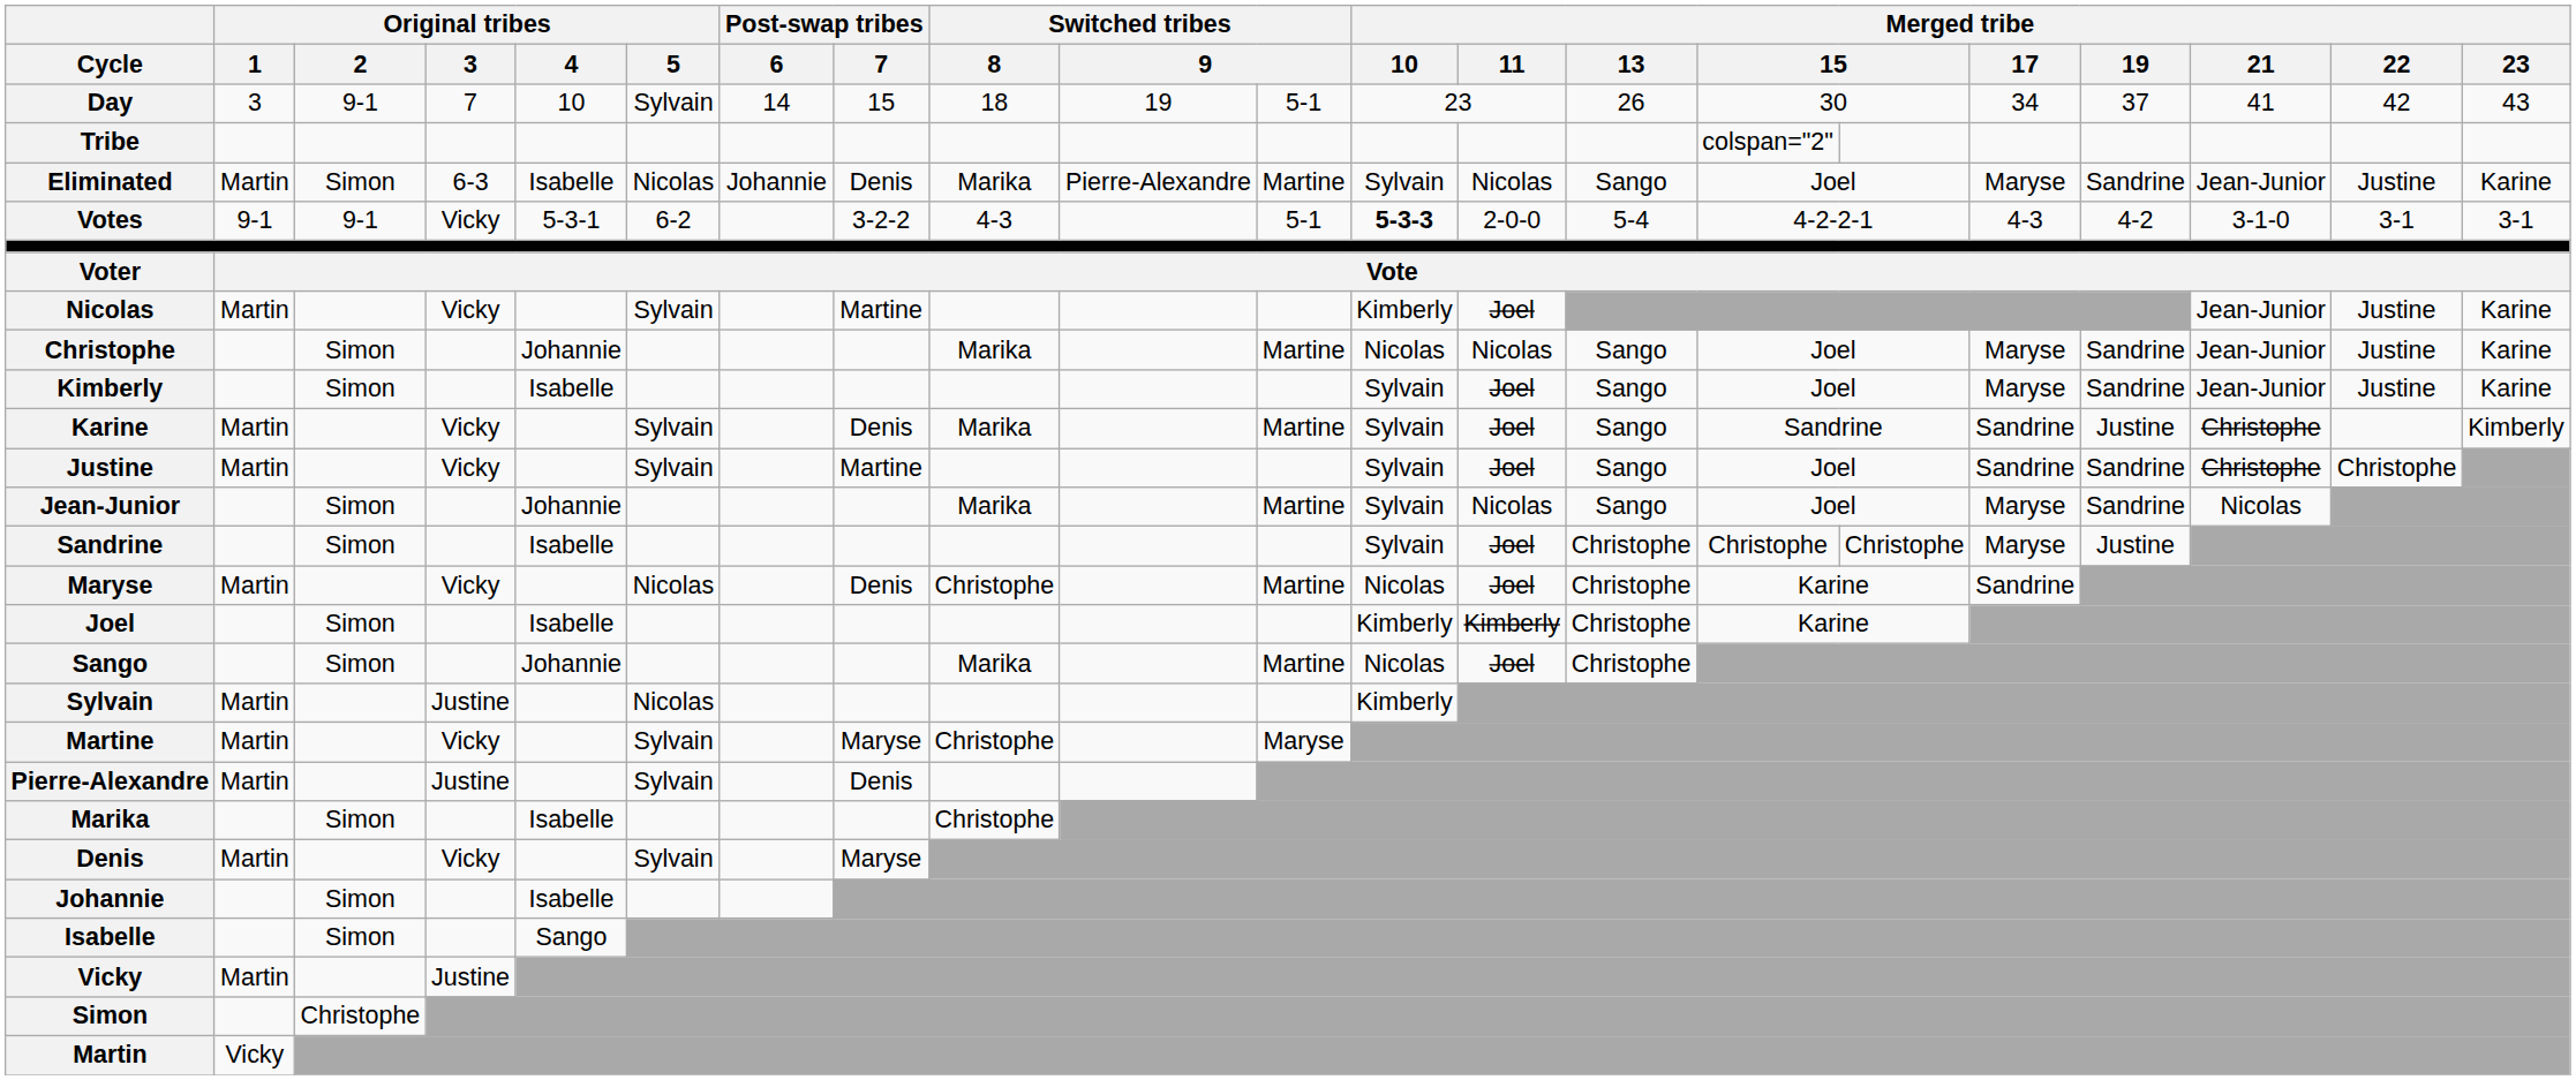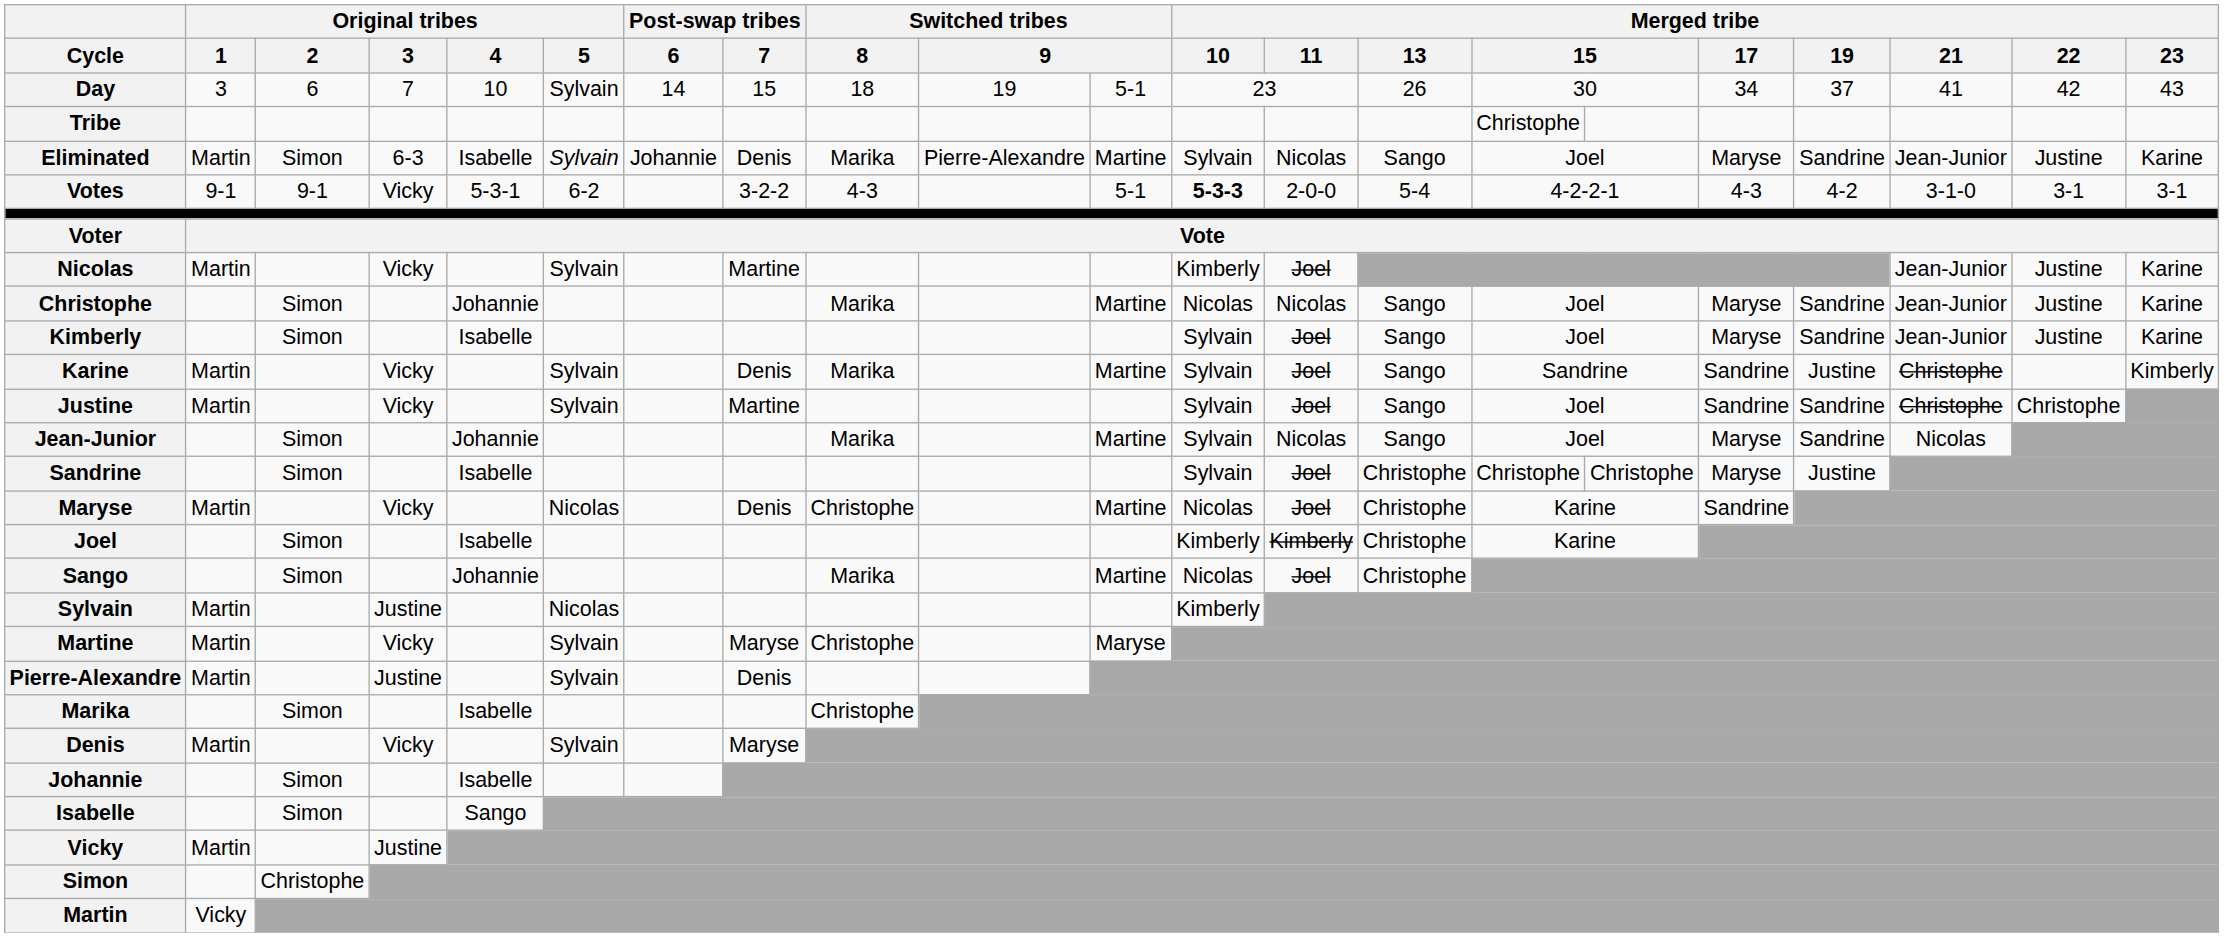 <table class="wikitable" style="text-align:center;">
 <tr>
 <th></th>
 <th colspan="5">Original tribes</th>
 <th colspan="2">Post-swap tribes</th>
 <th colspan="3">Switched tribes</th>
 <th colspan="10">Merged tribe</th>
 </tr>
 <tr>
 <th>Cycle</th>
 <th>1</th>
 <th>2</th>
 <th>3</th>
 <th>4</th>
 <th>5</th>
 <th>6</th>
 <th>7</th>
 <th>8</th>
 <th colspan="2">9</th>
 <th>10</th>
 <th>11</th>
 <th>13</th>
 <th colspan="2">15</th>
 <th>17</th>
 <th>19</th>
 <th>21</th>
 <th>22</th>
 <th>23</th>
 </tr>
 <tr>
 <th>Day</th>
 <td>3</td>
-<td>9-1</td>
+<td>6</td>
 <td>7</td>
 <td>10</td>
 <td>Sylvain</td>
 <td>14</td>
 <td>15</td>
 <td>18</td>
 <td>19</td>
 <td>5-1</td>
 <td colspan="2">23</td>
 <td>26</td>
 <td colspan="2">30</td>
 <td>34</td>
 <td>37</td>
 <td>41</td>
 <td>42</td>
 <td>43</td>
 </tr>
 <tr>
 <th>Tribe</th>
 <td></td>
 <td></td>
 <td></td>
 <td></td>
 <td></td>
 <td></td>
 <td></td>
 <td></td>
 <td></td>
 <td></td>
 <td></td>
 <td></td>
 <td></td>
-<td>colspan="2" </td>
+<td>Christophe</td>
 <td></td>
 <td></td>
 <td></td>
 <td></td>
 <td></td>
 </tr>
 <tr style="line-height:normal;">
 <th>Eliminated</th>
 <td>Martin</td>
 <td>Simon</td>
 <td>6-3</td>
 <td>Isabelle</td>
-<td>Nicolas</td>
+<td><em>Sylvain</em></td>
 <td>Johannie</td>
 <td>Denis</td>
 <td>Marika</td>
 <td>Pierre-Alexandre</td>
 <td>Martine</td>
 <td>Sylvain</td>
 <td>Nicolas</td>
 <td>Sango</td>
 <td colspan="2">Joel</td>
 <td>Maryse</td>
 <td>Sandrine</td>
 <td>Jean-Junior</td>
 <td>Justine</td>
 <td>Karine</td>
 </tr>
 <tr>
 <th>Votes</th>
 <td>9-1</td>
 <td>9-1</td>
 <td>Vicky</td>
 <td>5-3-1</td>
 <td>6-2</td>
 <td></td>
 <td>3-2-2</td>
 <td>4-3</td>
 <td></td>
 <td>5-1</td>
 <td><strong>5-3-3</strong></td>
 <td>2-0-0</td>
 <td>5-4</td>
 <td colspan="2">4-2-2-1</td>
 <td>4-3</td>
 <td>4-2</td>
 <td>3-1-0</td>
 <td>3-1</td>
 <td>3-1</td>
 </tr>
 <tr>
 <td colspan="100%" style="background:black;"></td>
 </tr>
 <tr>
 <th align="left">Voter</th>
 <th colspan="100%">Vote</th>
 </tr>
 <tr style="line-height:normal;">
 <th scope="row">Nicolas</th>
 <td>Martin</td>
 <td></td>
 <td>Vicky</td>
 <td></td>
 <td>Sylvain</td>
 <td></td>
 <td>Martine</td>
 <td></td>
 <td></td>
 <td></td>
 <td>Kimberly</td>
 <td><s>Joel</s></td>
 <td colspan="5" style="background:darkgray; border:none;"></td>
 <td>Jean-Junior</td>
 <td>Justine</td>
 <td>Karine</td>
 </tr>
 <tr style="line-height:normal;">
 <th scope="row">Christophe</th>
 <td></td>
 <td>Simon</td>
 <td></td>
 <td>Johannie</td>
 <td></td>
 <td></td>
 <td></td>
 <td>Marika</td>
 <td></td>
 <td>Martine</td>
 <td>Nicolas</td>
 <td>Nicolas</td>
 <td>Sango</td>
 <td colspan="2">Joel</td>
 <td>Maryse</td>
 <td>Sandrine</td>
 <td>Jean-Junior</td>
 <td>Justine</td>
 <td>Karine</td>
 </tr>
 <tr style="line-height:normal;">
 <th scope="row">Kimberly</th>
 <td></td>
 <td>Simon</td>
 <td></td>
 <td>Isabelle</td>
 <td></td>
 <td></td>
 <td></td>
 <td></td>
 <td></td>
 <td></td>
 <td>Sylvain</td>
 <td><s>Joel</s></td>
 <td>Sango</td>
 <td colspan="2">Joel</td>
 <td>Maryse</td>
 <td>Sandrine</td>
 <td>Jean-Junior</td>
 <td>Justine</td>
 <td>Karine</td>
 </tr>
 <tr>
 <th>Karine</th>
 <td>Martin</td>
 <td></td>
 <td>Vicky</td>
 <td></td>
 <td>Sylvain</td>
 <td></td>
 <td>Denis</td>
 <td>Marika</td>
 <td></td>
 <td>Martine</td>
 <td>Sylvain</td>
 <td><s>Joel</s></td>
 <td>Sango</td>
 <td colspan="2">Sandrine</td>
 <td>Sandrine</td>
 <td>Justine</td>
 <td><s>Christophe</s></td>
 <td></td>
 <td>Kimberly</td>
 </tr>
 <tr>
 <th scope="row">Justine</th>
 <td>Martin</td>
 <td></td>
 <td>Vicky</td>
 <td></td>
 <td>Sylvain</td>
 <td></td>
 <td>Martine</td>
 <td></td>
 <td></td>
 <td></td>
 <td>Sylvain</td>
 <td><s>Joel</s></td>
 <td>Sango</td>
 <td colspan="2">Joel</td>
 <td>Sandrine</td>
 <td>Sandrine</td>
 <td><s>Christophe</s></td>
 <td>Christophe</td>
 <td colspan="100%" style="background:darkgray; border:none;"></td>
 </tr>
 <tr style="line-height:normal;">
 <th scope="row">Jean-Junior</th>
 <td></td>
 <td>Simon</td>
 <td></td>
 <td>Johannie</td>
 <td></td>
 <td></td>
 <td></td>
 <td>Marika</td>
 <td></td>
 <td>Martine</td>
 <td>Sylvain</td>
 <td>Nicolas</td>
 <td>Sango</td>
 <td colspan="2">Joel</td>
 <td>Maryse</td>
 <td>Sandrine</td>
 <td>Nicolas</td>
 <td colspan="100%" style="background:darkgray; border:none;"></td>
 </tr>
 <tr>
 <th scope="row">Sandrine</th>
 <td></td>
 <td>Simon</td>
 <td></td>
 <td>Isabelle</td>
 <td></td>
 <td></td>
 <td></td>
 <td></td>
 <td></td>
 <td></td>
 <td>Sylvain</td>
 <td><s>Joel</s></td>
 <td>Christophe</td>
 <td>Christophe</td>
 <td>Christophe</td>
 <td>Maryse</td>
 <td>Justine</td>
 <td colspan="100%" style="background:darkgray; border:none;"></td>
 </tr>
 <tr>
 <th scope="row">Maryse</th>
 <td>Martin</td>
 <td></td>
 <td>Vicky</td>
 <td></td>
 <td>Nicolas</td>
 <td></td>
 <td>Denis</td>
 <td>Christophe</td>
 <td></td>
 <td>Martine</td>
 <td>Nicolas</td>
 <td><s>Joel</s></td>
 <td>Christophe</td>
 <td colspan="2">Karine</td>
 <td>Sandrine</td>
 <td colspan="100%" style="background:darkgray; border:none;"></td>
 </tr>
 <tr>
 <th scope="row">Joel</th>
 <td></td>
 <td>Simon</td>
 <td></td>
 <td>Isabelle</td>
 <td></td>
 <td></td>
 <td></td>
 <td></td>
 <td></td>
 <td></td>
 <td>Kimberly</td>
 <td><s>Kimberly</s></td>
 <td>Christophe</td>
 <td colspan="2">Karine</td>
 <td colspan="100%" style="background:darkgray; border:none;"></td>
 </tr>
 <tr>
 <th scope="row">Sango</th>
 <td></td>
 <td>Simon</td>
 <td></td>
 <td>Johannie</td>
 <td></td>
 <td></td>
 <td></td>
 <td>Marika</td>
 <td></td>
 <td>Martine</td>
 <td>Nicolas</td>
 <td><s>Joel</s></td>
 <td>Christophe</td>
 <td colspan="100%" style="background:darkgray; border:none;"></td>
 </tr>
 <tr>
 <th scope="row">Sylvain</th>
 <td>Martin</td>
 <td></td>
 <td>Justine</td>
 <td></td>
 <td>Nicolas</td>
 <td></td>
 <td></td>
 <td></td>
 <td></td>
 <td></td>
 <td>Kimberly</td>
 <td colspan="100%" style="background:darkgray; border:none;"></td>
 </tr>
 <tr>
 <th scope="row">Martine</th>
 <td>Martin</td>
 <td></td>
 <td>Vicky</td>
 <td></td>
 <td>Sylvain</td>
 <td></td>
 <td>Maryse</td>
 <td>Christophe</td>
 <td></td>
 <td>Maryse</td>
 <td colspan="100%" style="background:darkgray; border:none;"></td>
 </tr>
 <tr style="line-height:normal;">
 <th>Pierre-Alexandre</th>
 <td>Martin</td>
 <td></td>
 <td>Justine</td>
 <td></td>
 <td>Sylvain</td>
 <td></td>
 <td>Denis</td>
 <td></td>
 <td></td>
 <td colspan="100%" style="background:darkgray; border:none;"></td>
 </tr>
 <tr>
 <th scope="row">Marika</th>
 <td></td>
 <td>Simon</td>
 <td></td>
 <td>Isabelle</td>
 <td></td>
 <td></td>
 <td></td>
 <td>Christophe</td>
 <td colspan="100%" style="background:darkgray; border:none;"></td>
 </tr>
 <tr>
 <th scope="row">Denis</th>
 <td>Martin</td>
 <td></td>
 <td>Vicky</td>
 <td></td>
 <td>Sylvain</td>
 <td></td>
 <td>Maryse</td>
 <td colspan="100%" style="background:darkgray; border:none;"></td>
 </tr>
 <tr>
 <th scope="row">Johannie</th>
 <td></td>
 <td>Simon</td>
 <td></td>
 <td>Isabelle</td>
 <td></td>
 <td></td>
 <td colspan="100%" style="background:darkgray; border:none;"></td>
 </tr>
 <tr>
 <th>Isabelle</th>
 <td></td>
 <td>Simon</td>
 <td></td>
 <td>Sango</td>
 <td colspan="100%" style="background:darkgray; border:none;"></td>
 </tr>
 <tr>
 <th>Vicky</th>
 <td>Martin</td>
 <td></td>
 <td>Justine</td>
 <td colspan="100%" style="background:darkgray; border:none;"></td>
 </tr>
 <tr>
 <th>Simon</th>
 <td></td>
 <td>Christophe</td>
 <td colspan="100%" style="background:darkgray; border:none;"></td>
 </tr>
 <tr>
 <th>Martin</th>
 <td>Vicky</td>
 <td colspan="100%" style="background:darkgray; border:none;"></td>
 </tr>
 <tr>
 </tr>
 </table>
